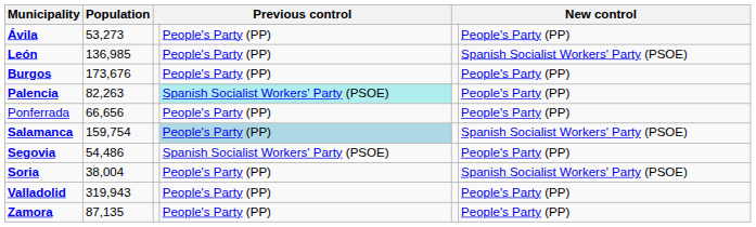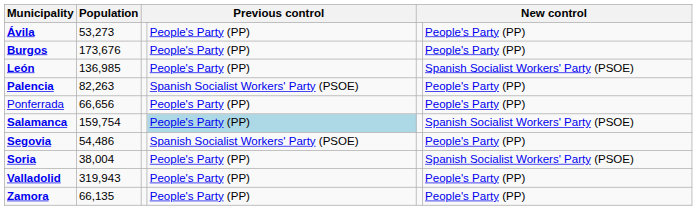 <table class="wikitable sortable">
 <tr>
 <th>Municipality</th>
 <th>Population</th>
 <th colspan="2" style="width:375px;">Previous control</th>
 <th colspan="2" style="width:375px;">New control</th>
 </tr>
 <tr>
 <td><strong><a href='#'>Ávila</a></strong></td>
 <td>53,273</td>
 <td width="1" style="color:inherit;background:"></td>
 <td><a href='#'>People's Party</a> (PP)</td>
 <td width="1" style="color:inherit;background:"></td>
 <td><a href='#'>People's Party</a> (PP)</td>
 </tr>
 <tr>
+<td><strong><a href='#'>Burgos</a></strong></td>
+<td>173,676</td>
+<td style="color:inherit;background:"></td>
+<td><a href='#'>People's Party</a> (PP)</td>
+<td style="color:inherit;background:"></td>
+<td><a href='#'>People's Party</a> (PP)</td>
+</tr>
+<tr>
 <td><strong><a href='#'>León</a></strong></td>
 <td>136,985</td>
 <td style="color:inherit;background:"></td>
 <td><a href='#'>People's Party</a> (PP)</td>
 <td style="color:inherit;background:"></td>
 <td><a href='#'>Spanish Socialist Workers' Party</a> (PSOE)</td>
 </tr>
 <tr>
-<td><strong><a href='#'>Burgos</a></strong></td>
-<td>173,676</td>
-<td style="color:inherit;background:"></td>
-<td><a href='#'>People's Party</a> (PP)</td>
-<td style="color:inherit;background:"></td>
-<td><a href='#'>People's Party</a> (PP)</td>
-</tr>
-<tr>
 <td><strong><a href='#'>Palencia</a></strong></td>
 <td>82,263</td>
 <td style="color:inherit;background:"></td>
-<td style="background: paleturquoise;"><a href='#'>Spanish Socialist Workers' Party</a> (PSOE)</td>
+<td><a href='#'>Spanish Socialist Workers' Party</a> (PSOE)</td>
 <td style="color:inherit;background:"></td>
 <td><a href='#'>People's Party</a> (PP)</td>
 </tr>
 <tr>
 <td><a href='#'>Ponferrada</a></td>
 <td>66,656</td>
 <td style="color:inherit;background:"></td>
 <td><a href='#'>People's Party</a> (PP)</td>
 <td style="color:inherit;background:"></td>
 <td><a href='#'>People's Party</a> (PP)</td>
 </tr>
 <tr>
 <td><strong><a href='#'>Salamanca</a></strong></td>
 <td>159,754</td>
 <td style="color:inherit;background:"></td>
 <td style="background: lightblue;"><a href='#'>People's Party</a> (PP)</td>
 <td style="color:inherit;background:"></td>
 <td><a href='#'>Spanish Socialist Workers' Party</a> (PSOE)</td>
 </tr>
 <tr>
 <td><strong><a href='#'>Segovia</a></strong></td>
 <td>54,486</td>
 <td style="color:inherit;background:"></td>
 <td><a href='#'>Spanish Socialist Workers' Party</a> (PSOE)</td>
 <td style="color:inherit;background:"></td>
 <td><a href='#'>People's Party</a> (PP)</td>
 </tr>
 <tr>
 <td><strong><a href='#'>Soria</a></strong></td>
 <td>38,004</td>
 <td style="color:inherit;background:"></td>
 <td><a href='#'>People's Party</a> (PP)</td>
 <td style="color:inherit;background:"></td>
 <td><a href='#'>Spanish Socialist Workers' Party</a> (PSOE)</td>
 </tr>
 <tr>
 <td><strong><a href='#'>Valladolid</a></strong></td>
 <td>319,943</td>
 <td style="color:inherit;background:"></td>
 <td><a href='#'>People's Party</a> (PP)</td>
 <td style="color:inherit;background:"></td>
 <td><a href='#'>People's Party</a> (PP)</td>
 </tr>
 <tr>
 <td><strong><a href='#'>Zamora</a></strong></td>
-<td>87,135</td>
+<td>66,135</td>
 <td style="color:inherit;background:"></td>
 <td><a href='#'>People's Party</a> (PP)</td>
 <td style="color:inherit;background:"></td>
 <td><a href='#'>People's Party</a> (PP)</td>
 </tr>
 </table>
